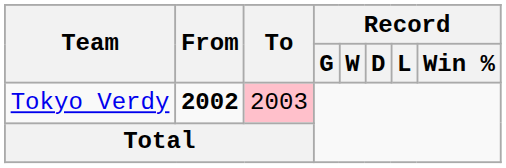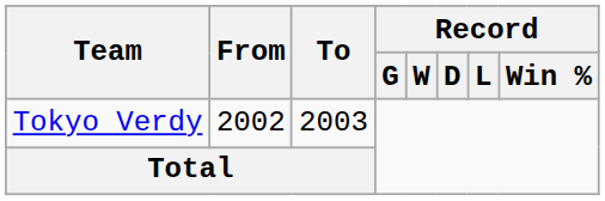 <table class="wikitable" style="text-align: center">
 <tr>
 <th rowspan="2">Team</th>
 <th rowspan="2">From</th>
 <th rowspan="2">To</th>
 <th colspan="5">Record</th>
 </tr>
 <tr>
 <th>G</th>
 <th>W</th>
 <th>D</th>
 <th>L</th>
 <th>Win %</th>
 </tr>
 <tr>
 <td align="left"><a href='#'>Tokyo Verdy</a></td>
-<td align="left"><strong>2002</strong></td>
-<td align="left" style="background: pink;">2003<br></td>
+<td align="left">2002</td>
+<td align="left">2003<br></td>
 </tr>
 <tr>
 <th colspan="3">Total<br></th>
 </tr>
 </table>
